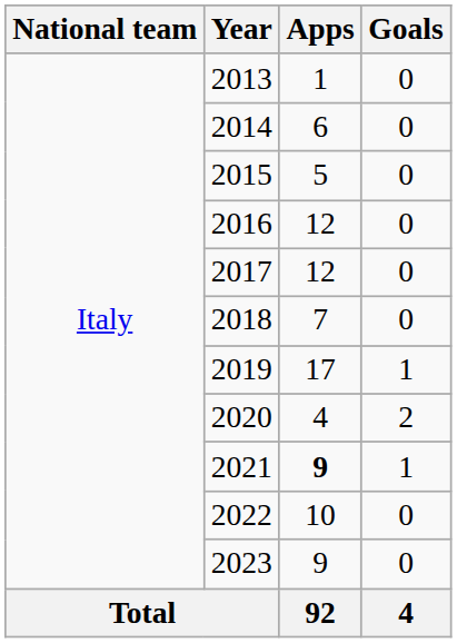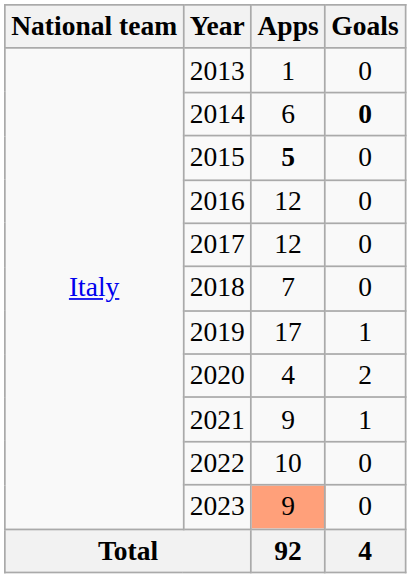 <table class="wikitable" style="text-align:center">
 <tr>
 <th>National team</th>
 <th>Year</th>
 <th>Apps</th>
 <th>Goals</th>
 </tr>
 <tr>
 <td rowspan="11"><a href='#'>Italy</a></td>
 <td>2013</td>
 <td>1</td>
 <td>0</td>
 </tr>
 <tr>
 <td>2014</td>
 <td>6</td>
-<td>0</td>
+<td><strong>0</strong></td>
 </tr>
 <tr>
 <td>2015</td>
-<td>5</td>
+<td><strong>5</strong></td>
 <td>0</td>
 </tr>
 <tr>
 <td>2016</td>
 <td>12</td>
 <td>0</td>
 </tr>
 <tr>
 <td>2017</td>
 <td>12</td>
 <td>0</td>
 </tr>
 <tr>
 <td>2018</td>
 <td>7</td>
 <td>0</td>
 </tr>
 <tr>
 <td>2019</td>
 <td>17</td>
 <td>1</td>
 </tr>
 <tr>
 <td>2020</td>
 <td>4</td>
 <td>2</td>
 </tr>
 <tr>
 <td>2021</td>
-<td><strong>9</strong></td>
+<td>9</td>
 <td>1</td>
 </tr>
 <tr>
 <td>2022</td>
 <td>10</td>
 <td>0</td>
 </tr>
 <tr>
 <td>2023</td>
-<td>9</td>
+<td style="background: lightsalmon;">9</td>
 <td>0</td>
 </tr>
 <tr>
 <th colspan="2">Total</th>
 <th>92</th>
 <th>4</th>
 </tr>
 </table>
